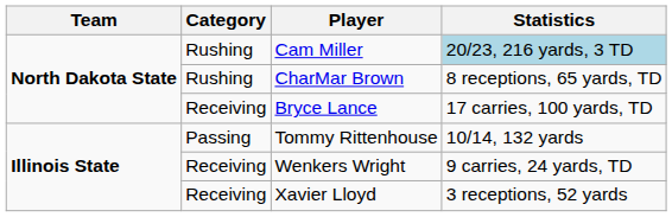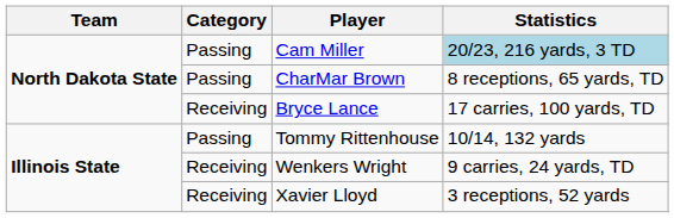 <table class="wikitable" style="float: right;">
 <tr>
 <th>Team</th>
 <th>Category</th>
 <th>Player</th>
 <th>Statistics</th>
 </tr>
 <tr>
 <td rowspan=3><strong>North Dakota State</strong></td>
-<td>Rushing</td>
+<td>Passing</td>
 <td><a href='#'>Cam Miller</a></td>
 <td style="background: lightblue;">20/23, 216 yards, 3 TD</td>
 </tr>
 <tr>
-<td>Rushing</td>
+<td>Passing</td>
 <td><a href='#'>CharMar Brown</a></td>
 <td>8 receptions, 65 yards, TD</td>
 </tr>
 <tr>
 <td>Receiving</td>
 <td><a href='#'>Bryce Lance</a></td>
 <td>17 carries, 100 yards, TD</td>
 </tr>
 <tr>
 <td rowspan=3><strong>Illinois State</strong></td>
 <td>Passing</td>
 <td>Tommy Rittenhouse</td>
 <td>10/14, 132 yards</td>
 </tr>
 <tr>
 <td>Receiving</td>
 <td>Wenkers Wright</td>
 <td>9 carries, 24 yards, TD</td>
 </tr>
 <tr>
 <td>Receiving</td>
 <td>Xavier Lloyd</td>
 <td>3 receptions, 52 yards</td>
 </tr>
 </table>
